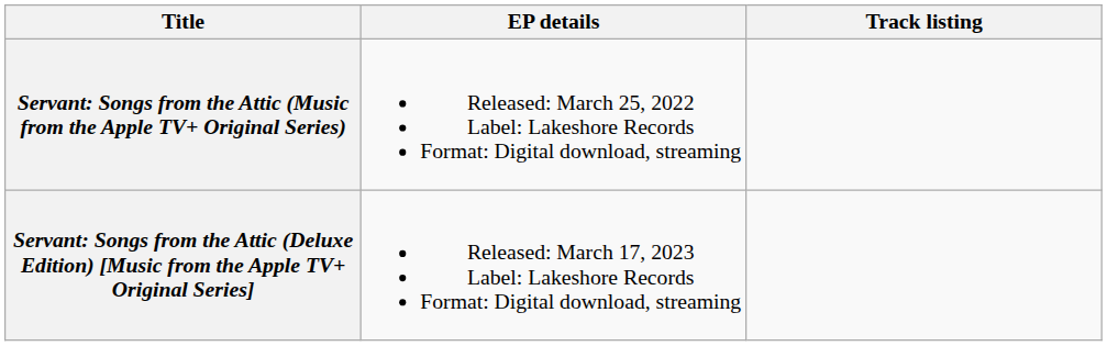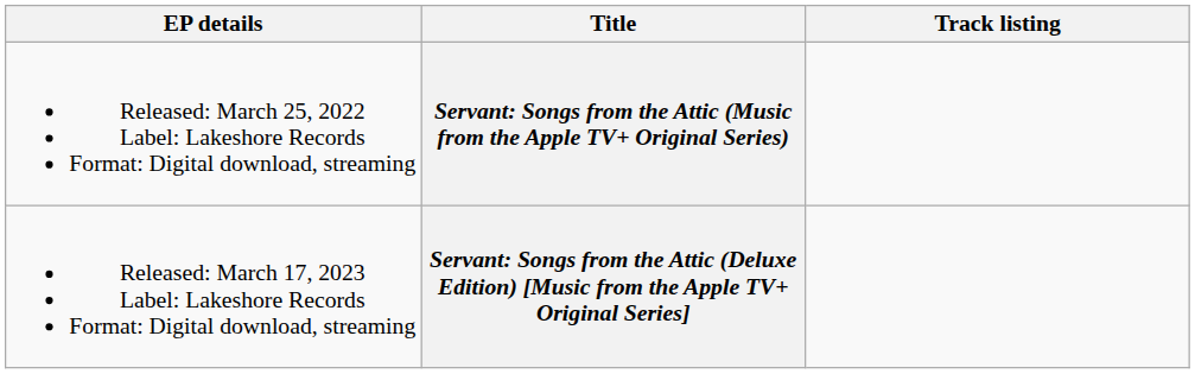 <table class="wikitable plainrowheaders" style="text-align:center;">
 <tr>
+<th scope="col" rowspan="1">EP details</th>
 <th scope="col" rowspan="1" style="width:16em;">Title</th>
-<th scope="col" rowspan="1">EP details</th>
 <th scope="col" style="width:16em;">Track listing</th>
 </tr>
 <tr>
+<td><br><ul><li>Released: March 25, 2022</li><li>Label: Lakeshore Records</li><li>Format: Digital download, streaming</li></ul></td>
 <th scope="row"><em>Servant: Songs from the Attic (Music from the Apple TV+ Original Series)</em></th>
-<td><br><ul><li>Released: March 25, 2022</li><li>Label: Lakeshore Records</li><li>Format: Digital download, streaming</li></ul></td>
 <td></td>
 </tr>
 <tr>
+<td><br><ul><li>Released: March 17, 2023</li><li>Label: Lakeshore Records</li><li>Format: Digital download, streaming</li></ul></td>
 <th scope="row"><em>Servant: Songs from the Attic (Deluxe Edition) [Music from the Apple TV+ Original Series]</em></th>
-<td><br><ul><li>Released: March 17, 2023</li><li>Label: Lakeshore Records</li><li>Format: Digital download, streaming</li></ul></td>
 <td></td>
 </tr>
 </table>
